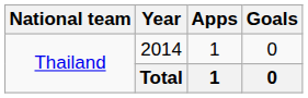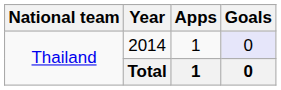 <table class="wikitable" style="text-align:center">
 <tr>
 <th>National team</th>
 <th>Year</th>
 <th>Apps</th>
 <th>Goals</th>
 </tr>
 <tr>
 <td rowspan="5" valign="center"><a href='#'>Thailand</a></td>
 <td>2014</td>
 <td>1</td>
-<td>0</td>
+<td style="background: lavender;">0</td>
 </tr>
 <tr>
 <th>Total</th>
 <th>1</th>
 <th>0</th>
 </tr>
 </table>
